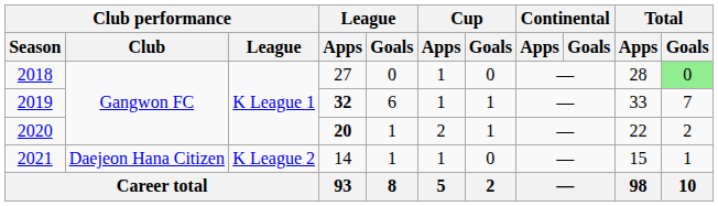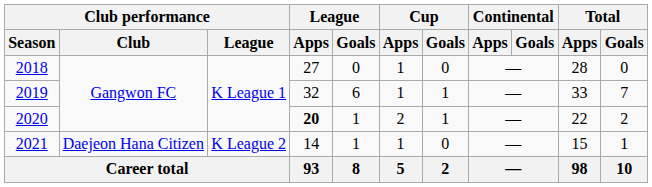 <table class="wikitable" style="text-align:center">
 <tr>
 <th colspan=3>Club performance</th>
 <th colspan=2>League</th>
 <th colspan=2>Cup</th>
 <th colspan=2>Continental</th>
 <th colspan=2>Total</th>
 </tr>
 <tr>
 <th>Season</th>
 <th>Club</th>
 <th>League</th>
 <th>Apps</th>
 <th>Goals</th>
 <th>Apps</th>
 <th>Goals</th>
 <th>Apps</th>
 <th>Goals</th>
 <th>Apps</th>
 <th>Goals</th>
 </tr>
 <tr>
 <td><a href='#'>2018</a></td>
 <td rowspan="3"><a href='#'>Gangwon FC</a></td>
 <td rowspan="3"><a href='#'>K League 1</a></td>
 <td>27</td>
 <td>0</td>
 <td>1</td>
 <td>0</td>
 <td colspan=2>—</td>
 <td>28</td>
-<td style="background: lightgreen;">0</td>
+<td>0</td>
 </tr>
 <tr>
 <td><a href='#'>2019</a></td>
-<td><strong>32</strong></td>
+<td>32</td>
 <td>6</td>
 <td>1</td>
 <td>1</td>
 <td colspan=2>—</td>
 <td>33</td>
 <td>7</td>
 </tr>
 <tr>
 <td><a href='#'>2020</a></td>
 <td><strong>20</strong></td>
 <td>1</td>
 <td>2</td>
 <td>1</td>
 <td colspan=2>—</td>
 <td>22</td>
 <td>2</td>
 </tr>
 <tr>
 <td><a href='#'>2021</a></td>
 <td rowspan="1"><a href='#'>Daejeon Hana Citizen</a></td>
 <td><a href='#'>K League 2</a></td>
 <td>14</td>
 <td>1</td>
 <td>1</td>
 <td>0</td>
 <td colspan=2>—</td>
 <td>15</td>
 <td>1</td>
 </tr>
 <tr>
 <th colspan=3>Career total</th>
 <th>93</th>
 <th>8</th>
 <th>5</th>
 <th>2</th>
 <th colspan=2>—</th>
 <th>98</th>
 <th>10</th>
 </tr>
 </table>
